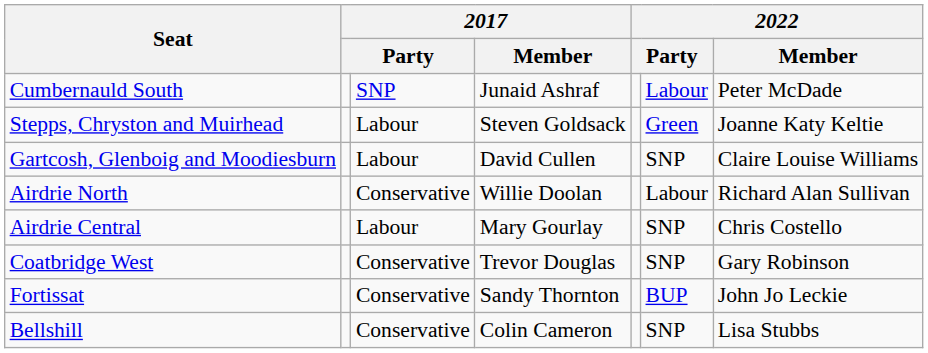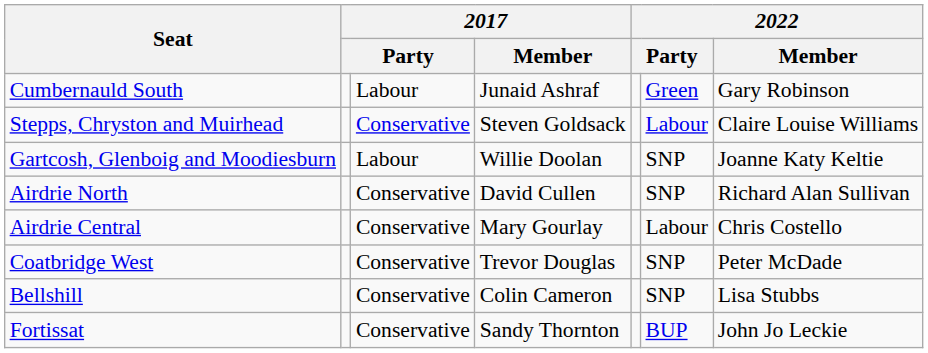 <table class="wikitable">
 <tr>
 <th scope="col" rowspan="2" style="text-align:center">Seat</th>
 <th scope="col" colspan="3" style="text-align:center"><em>2017</em></th>
 <th scope="col" colspan="3" style="text-align:center"><em>2022</em></th>
 </tr>
 <tr>
 <th colspan="2" style="text-align:center">Party</th>
 <th style="text-align:center">Member</th>
 <th colspan="2" style="text-align:center">Party</th>
 <th style="text-align:center">Member</th>
 </tr>
 <tr>
 <td scope="row"><a href='#'>Cumbernauld South</a></td>
 <td></td>
-<td><a href='#'>SNP</a></td>
+<td>Labour</td>
 <td>Junaid Ashraf</td>
 <td></td>
-<td><a href='#'>Labour</a></td>
-<td>Peter McDade</td>
+<td><a href='#'>Green</a></td>
+<td>Gary Robinson</td>
 </tr>
 <tr>
 <td scope="row"><a href='#'>Stepps, Chryston and Muirhead</a></td>
 <td></td>
-<td>Labour</td>
+<td><a href='#'>Conservative</a></td>
 <td>Steven Goldsack</td>
 <td></td>
-<td><a href='#'>Green</a></td>
-<td>Joanne Katy Keltie</td>
+<td><a href='#'>Labour</a></td>
+<td>Claire Louise Williams</td>
 </tr>
 <tr>
 <td scope="row"><a href='#'>Gartcosh, Glenboig and Moodiesburn</a></td>
 <td></td>
 <td>Labour</td>
-<td>David Cullen</td>
+<td>Willie Doolan</td>
 <td></td>
 <td>SNP</td>
-<td>Claire Louise Williams</td>
+<td>Joanne Katy Keltie</td>
 </tr>
 <tr>
 <td scope="row"><a href='#'>Airdrie North</a></td>
 <td></td>
 <td>Conservative</td>
-<td>Willie Doolan</td>
+<td>David Cullen</td>
 <td></td>
-<td>Labour</td>
+<td>SNP</td>
 <td>Richard Alan Sullivan</td>
 </tr>
 <tr>
 <td scope="row"><a href='#'>Airdrie Central</a></td>
 <td></td>
-<td>Labour</td>
+<td>Conservative</td>
 <td>Mary Gourlay</td>
 <td></td>
-<td>SNP</td>
+<td>Labour</td>
 <td>Chris Costello</td>
 </tr>
 <tr>
 <td scope="row"><a href='#'>Coatbridge West</a></td>
 <td></td>
 <td>Conservative</td>
 <td>Trevor Douglas</td>
 <td></td>
 <td>SNP</td>
-<td>Gary Robinson</td>
+<td>Peter McDade</td>
+</tr>
+<tr>
+<td scope="row"><a href='#'>Bellshill</a></td>
+<td></td>
+<td>Conservative</td>
+<td>Colin Cameron</td>
+<td></td>
+<td>SNP</td>
+<td>Lisa Stubbs</td>
 </tr>
 <tr>
 <td scope="row"><a href='#'>Fortissat</a></td>
 <td></td>
 <td>Conservative</td>
 <td>Sandy Thornton</td>
 <td></td>
 <td><a href='#'>BUP</a></td>
 <td>John Jo Leckie</td>
 </tr>
-<tr>
-<td scope="row"><a href='#'>Bellshill</a></td>
-<td></td>
-<td>Conservative</td>
-<td>Colin Cameron</td>
-<td></td>
-<td>SNP</td>
-<td>Lisa Stubbs</td>
-</tr>
 </table>
